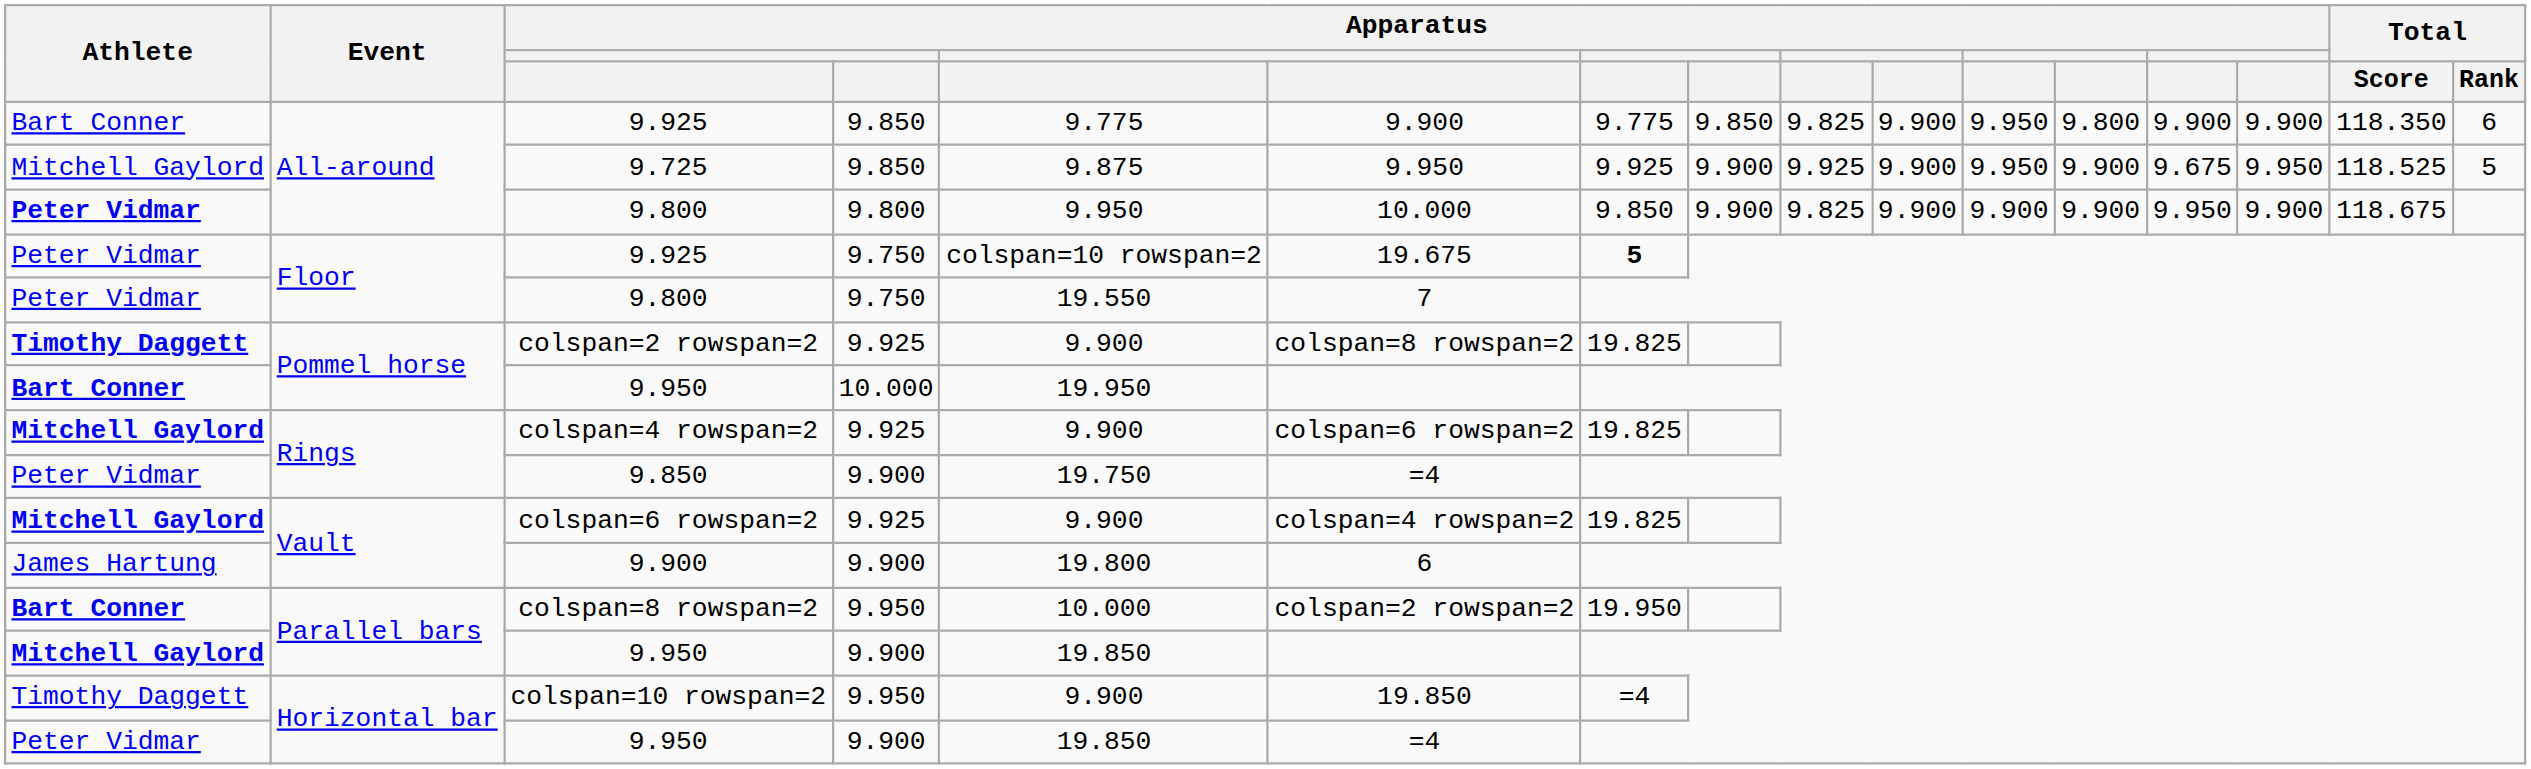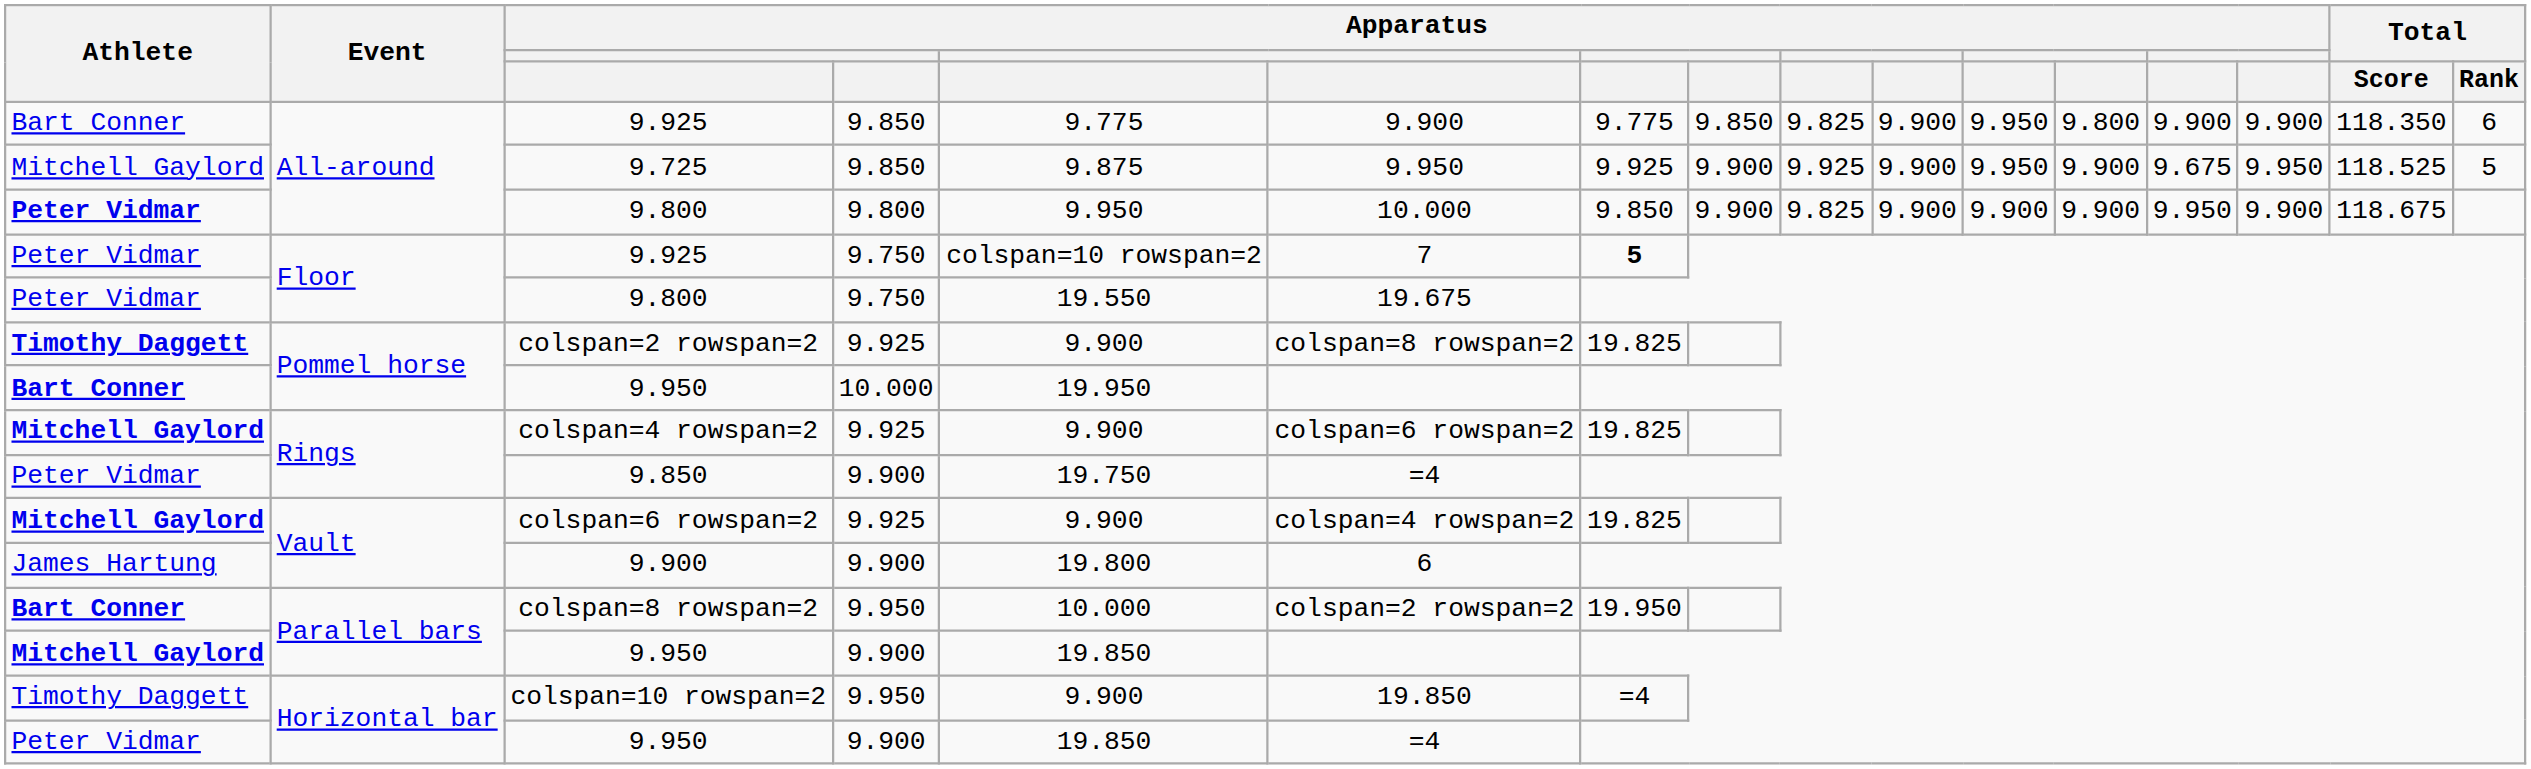 <table class=wikitable style=font-size:90%;text-align:center>
 <tr>
 <th rowspan=3>Athlete</th>
 <th rowspan=3>Event</th>
 <th colspan=12>Apparatus</th>
 <th colspan=2 rowspan=2>Total</th>
 </tr>
 <tr style=font-size:95%>
 <th colspan=2></th>
 <th colspan=2></th>
 <th colspan=2></th>
 <th colspan=2></th>
 <th colspan=2></th>
 <th colspan=2></th>
 </tr>
 <tr style=font-size:95%>
 <th></th>
 <th></th>
 <th></th>
 <th></th>
 <th></th>
 <th></th>
 <th></th>
 <th></th>
 <th></th>
 <th></th>
 <th></th>
 <th></th>
 <th>Score</th>
 <th>Rank</th>
 </tr>
 <tr>
 <td align=left><a href='#'>Bart Conner</a></td>
 <td align=left rowspan=3><a href='#'>All-around</a></td>
 <td>9.925</td>
 <td>9.850</td>
 <td>9.775</td>
 <td>9.900</td>
 <td>9.775</td>
 <td>9.850</td>
 <td>9.825</td>
 <td>9.900</td>
 <td>9.950</td>
 <td>9.800</td>
 <td>9.900</td>
 <td>9.900</td>
 <td>118.350</td>
 <td>6</td>
 </tr>
 <tr>
 <td align=left><a href='#'>Mitchell Gaylord</a></td>
 <td>9.725</td>
 <td>9.850</td>
 <td>9.875</td>
 <td>9.950</td>
 <td>9.925</td>
 <td>9.900</td>
 <td>9.925</td>
 <td>9.900</td>
 <td>9.950</td>
 <td>9.900</td>
 <td>9.675</td>
 <td>9.950</td>
 <td>118.525</td>
 <td>5</td>
 </tr>
 <tr>
 <td align=left><strong><a href='#'>Peter Vidmar</a></strong></td>
 <td>9.800</td>
 <td>9.800</td>
 <td>9.950</td>
 <td>10.000</td>
 <td>9.850</td>
 <td>9.900</td>
 <td>9.825</td>
 <td>9.900</td>
 <td>9.900</td>
 <td>9.900</td>
 <td>9.950</td>
 <td>9.900</td>
 <td>118.675</td>
 <td></td>
 </tr>
 <tr>
 <td align=left><a href='#'>Peter Vidmar</a></td>
 <td align=left rowspan=2><a href='#'>Floor</a></td>
 <td>9.925</td>
 <td>9.750</td>
 <td>colspan=10 rowspan=2 </td>
-<td>19.675</td>
+<td>7</td>
 <td><strong>5</strong></td>
 </tr>
 <tr>
 <td align=left><a href='#'>Peter Vidmar</a></td>
 <td>9.800</td>
 <td>9.750</td>
 <td>19.550</td>
-<td>7</td>
+<td>19.675</td>
 </tr>
 <tr>
 <td align=left><strong><a href='#'>Timothy Daggett</a></strong></td>
 <td align=left rowspan=2><a href='#'>Pommel horse</a></td>
 <td>colspan=2 rowspan=2 </td>
 <td>9.925</td>
 <td>9.900</td>
 <td>colspan=8 rowspan=2 </td>
 <td>19.825</td>
 <td></td>
 </tr>
 <tr>
 <td align=left><strong><a href='#'>Bart Conner</a></strong></td>
 <td>9.950</td>
 <td>10.000</td>
 <td>19.950</td>
 <td></td>
 </tr>
 <tr>
 <td align=left><strong><a href='#'>Mitchell Gaylord</a></strong></td>
 <td align=left rowspan=2><a href='#'>Rings</a></td>
 <td>colspan=4 rowspan=2 </td>
 <td>9.925</td>
 <td>9.900</td>
 <td>colspan=6 rowspan=2 </td>
 <td>19.825</td>
 <td></td>
 </tr>
 <tr>
 <td align=left><a href='#'>Peter Vidmar</a></td>
 <td>9.850</td>
 <td>9.900</td>
 <td>19.750</td>
 <td>=4</td>
 </tr>
 <tr>
 <td align=left><strong><a href='#'>Mitchell Gaylord</a></strong></td>
 <td align=left rowspan=2><a href='#'>Vault</a></td>
 <td>colspan=6 rowspan=2 </td>
 <td>9.925</td>
 <td>9.900</td>
 <td>colspan=4 rowspan=2 </td>
 <td>19.825</td>
 <td></td>
 </tr>
 <tr>
 <td align=left><a href='#'>James Hartung</a></td>
 <td>9.900</td>
 <td>9.900</td>
 <td>19.800</td>
 <td>6</td>
 </tr>
 <tr>
 <td align=left><strong><a href='#'>Bart Conner</a></strong></td>
 <td align=left rowspan=2><a href='#'>Parallel bars</a></td>
 <td>colspan=8 rowspan=2 </td>
 <td>9.950</td>
 <td>10.000</td>
 <td>colspan=2 rowspan=2 </td>
 <td>19.950</td>
 <td></td>
 </tr>
 <tr>
 <td align=left><strong><a href='#'>Mitchell Gaylord</a></strong></td>
 <td>9.950</td>
 <td>9.900</td>
 <td>19.850</td>
 <td></td>
 </tr>
 <tr>
 <td align=left><a href='#'>Timothy Daggett</a></td>
 <td align=left rowspan=2><a href='#'>Horizontal bar</a></td>
 <td>colspan=10 rowspan=2 </td>
 <td>9.950</td>
 <td>9.900</td>
 <td>19.850</td>
 <td>=4</td>
 </tr>
 <tr>
 <td align=left><a href='#'>Peter Vidmar</a></td>
 <td>9.950</td>
 <td>9.900</td>
 <td>19.850</td>
 <td>=4</td>
 </tr>
 </table>
